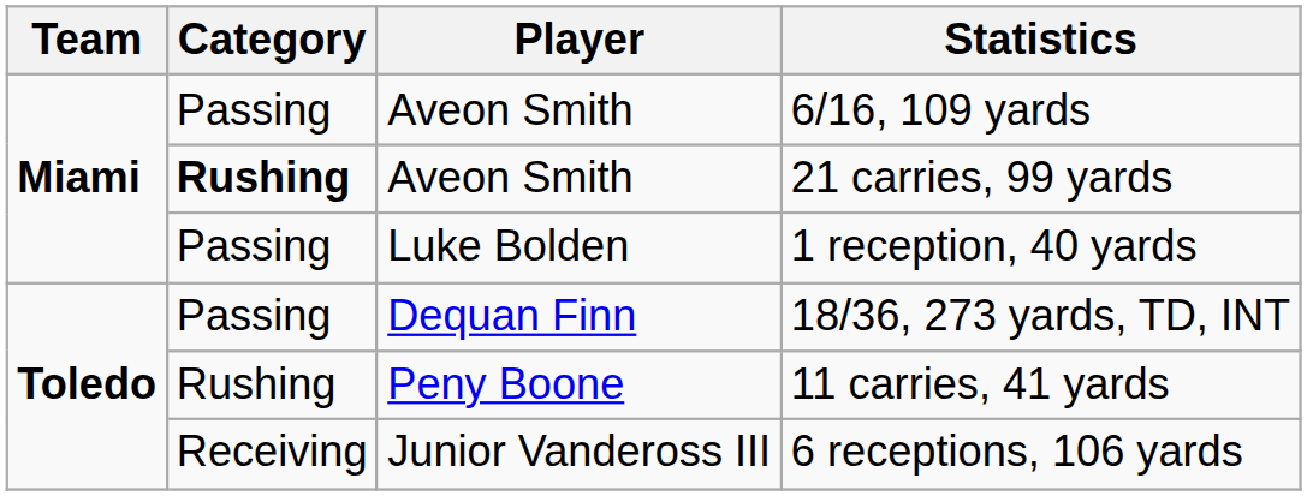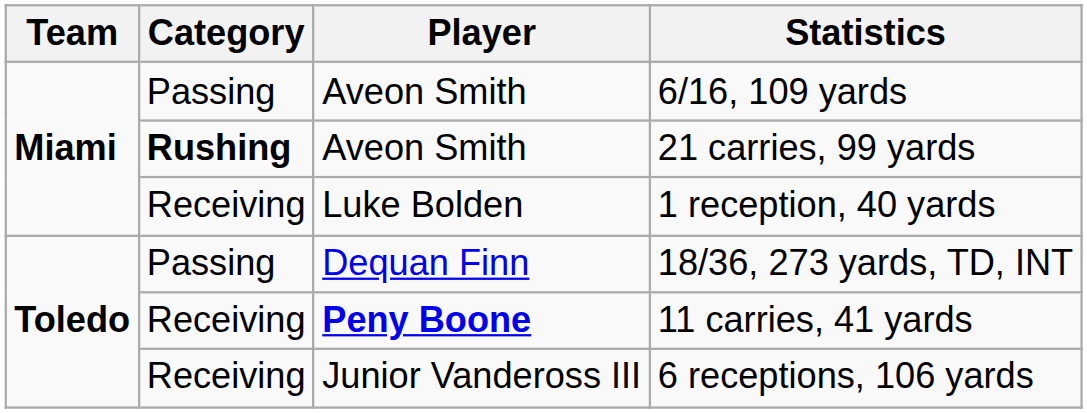 <table class="wikitable" style="float: right;">
 <tr>
 <th>Team</th>
 <th>Category</th>
 <th>Player</th>
 <th>Statistics</th>
 </tr>
 <tr>
 <td rowspan=3><strong>Miami</strong></td>
 <td>Passing</td>
 <td>Aveon Smith</td>
 <td>6/16, 109 yards</td>
 </tr>
 <tr>
 <td><strong>Rushing</strong></td>
 <td>Aveon Smith</td>
 <td>21 carries, 99 yards</td>
 </tr>
 <tr>
-<td>Passing</td>
+<td>Receiving</td>
 <td>Luke Bolden</td>
 <td>1 reception, 40 yards</td>
 </tr>
 <tr>
 <td rowspan=3><strong>Toledo</strong></td>
 <td>Passing</td>
 <td><a href='#'>Dequan Finn</a></td>
 <td>18/36, 273 yards, TD, INT</td>
 </tr>
 <tr>
-<td>Rushing</td>
-<td><a href='#'>Peny Boone</a></td>
+<td>Receiving</td>
+<td><strong><a href='#'>Peny Boone</a></strong></td>
 <td>11 carries, 41 yards</td>
 </tr>
 <tr>
 <td>Receiving</td>
 <td>Junior Vandeross III</td>
 <td>6 receptions, 106 yards</td>
 </tr>
 </table>
